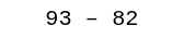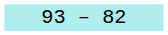 <table style="text-align:center;">
 <tr>
 <th width=200></th>
 <th width=100></th>
 <th width=200></th>
 <th></th>
 </tr>
 <tr>
 <td align=right><strong></strong></td>
-<td>93 – 82</td>
+<td style="background: paleturquoise;">93 – 82</td>
 <td align=left></td>
 </tr>
 </table>
